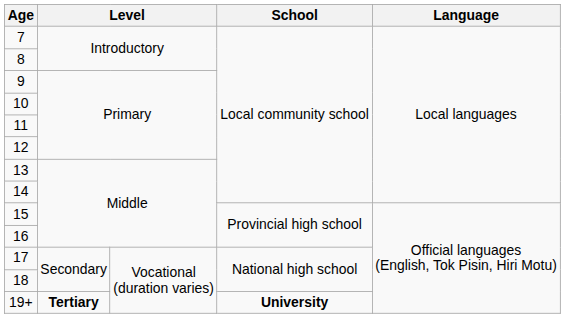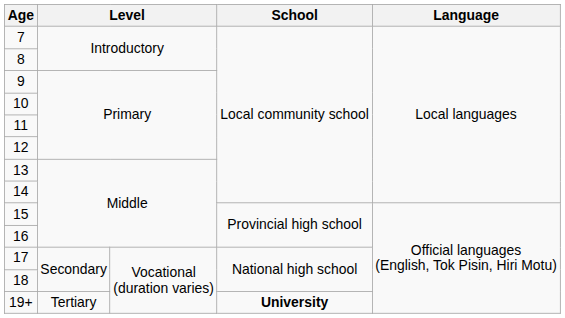 <table class="wikitable" style="text-align: center;">
 <tr>
 <th>Age</th>
 <th colspan="2">Level</th>
 <th>School</th>
 <th>Language</th>
 </tr>
 <tr>
 <td>7</td>
 <td colspan="2" rowspan="2">Introductory</td>
 <td rowspan="8">Local community school</td>
 <td rowspan="8">Local languages</td>
 </tr>
 <tr>
 <td>8</td>
 </tr>
 <tr>
 <td>9</td>
 <td colspan="2" rowspan="4">Primary</td>
 </tr>
 <tr>
 <td>10</td>
 </tr>
 <tr>
 <td>11</td>
 </tr>
 <tr>
 <td>12</td>
 </tr>
 <tr>
 <td>13</td>
 <td colspan="2" rowspan="4">Middle</td>
 </tr>
 <tr>
 <td>14</td>
 </tr>
 <tr>
 <td>15</td>
 <td rowspan="2">Provincial high school</td>
 <td rowspan="8">Official languages<br>(English, Tok Pisin, Hiri Motu)</td>
 </tr>
 <tr>
 <td>16</td>
 </tr>
 <tr>
 <td>17</td>
 <td rowspan="2">Secondary</td>
 <td rowspan="3">Vocational <br> (duration varies)</td>
 <td rowspan="2">National high school</td>
 </tr>
 <tr>
 <td>18</td>
 </tr>
 <tr>
 <td>19+</td>
-<td><strong>Tertiary</strong></td>
+<td>Tertiary</td>
 <td><strong>University</strong></td>
 </tr>
 </table>
